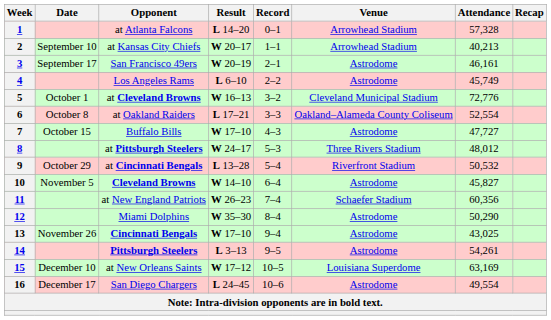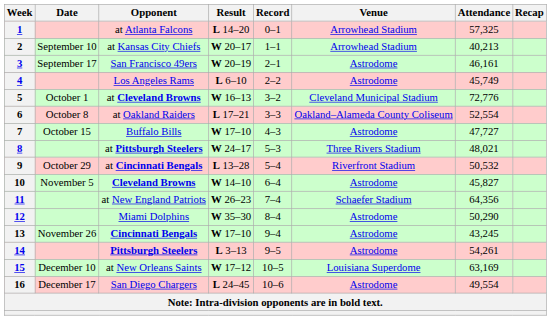 <table class="wikitable" style="text-align:center">
 <tr>
 <th>Week</th>
 <th>Date</th>
 <th>Opponent</th>
 <th>Result</th>
 <th>Record</th>
 <th>Venue</th>
 <th>Attendance</th>
 <th>Recap</th>
 </tr>
 <tr style="background:#fcc">
 <th><a href='#'>1</a></th>
 <td></td>
 <td>at <a href='#'>Atlanta Falcons</a></td>
 <td><strong>L</strong> 14–20</td>
 <td>0–1</td>
 <td><a href='#'>Arrowhead Stadium</a></td>
-<td>57,328</td>
+<td>57,325</td>
 <td></td>
 </tr>
 <tr style="background:#cfc">
 <th>2</th>
 <td>September 10</td>
 <td>at <a href='#'>Kansas City Chiefs</a></td>
 <td><strong>W</strong> 20–17</td>
 <td>1–1</td>
 <td><a href='#'>Arrowhead Stadium</a></td>
 <td>40,213</td>
 <td></td>
 </tr>
 <tr style="background:#cfc">
 <th><a href='#'>3</a></th>
 <td>September 17</td>
 <td><a href='#'>San Francisco 49ers</a></td>
 <td><strong>W</strong> 20–19</td>
 <td>2–1</td>
 <td><a href='#'>Astrodome</a></td>
 <td>46,161</td>
 <td></td>
 </tr>
 <tr style="background:#fcc">
 <th><a href='#'>4</a></th>
 <td></td>
 <td><a href='#'>Los Angeles Rams</a></td>
 <td><strong>L</strong> 6–10</td>
 <td>2–2</td>
 <td><a href='#'>Astrodome</a></td>
 <td>45,749</td>
 <td></td>
 </tr>
 <tr style="background:#cfc">
 <th>5</th>
 <td>October 1</td>
 <td>at <strong><a href='#'>Cleveland Browns</a></strong></td>
 <td><strong>W</strong> 16–13</td>
 <td>3–2</td>
 <td><a href='#'>Cleveland Municipal Stadium</a></td>
 <td>72,776</td>
 <td></td>
 </tr>
 <tr style="background:#fcc">
 <th>6</th>
 <td>October 8</td>
 <td>at <a href='#'>Oakland Raiders</a></td>
 <td><strong>L</strong> 17–21</td>
 <td>3–3</td>
 <td><a href='#'>Oakland–Alameda County Coliseum</a></td>
 <td>52,554</td>
 <td></td>
 </tr>
 <tr style="background:#cfc">
 <th>7</th>
 <td>October 15</td>
 <td><a href='#'>Buffalo Bills</a></td>
 <td><strong>W</strong> 17–10</td>
 <td>4–3</td>
 <td><a href='#'>Astrodome</a></td>
 <td>47,727</td>
 <td></td>
 </tr>
 <tr style="background:#cfc">
 <th><a href='#'>8</a></th>
 <td></td>
 <td>at <strong><a href='#'>Pittsburgh Steelers</a></strong></td>
 <td><strong>W</strong> 24–17</td>
 <td>5–3</td>
 <td><a href='#'>Three Rivers Stadium</a></td>
-<td>48,012</td>
+<td>48,021</td>
 <td></td>
 </tr>
 <tr style="background:#fcc">
 <th>9</th>
 <td>October 29</td>
 <td>at <strong><a href='#'>Cincinnati Bengals</a></strong></td>
 <td><strong>L</strong> 13–28</td>
 <td>5–4</td>
 <td><a href='#'>Riverfront Stadium</a></td>
 <td>50,532</td>
 <td></td>
 </tr>
 <tr style="background:#cfc">
 <th>10</th>
 <td>November 5</td>
 <td><strong><a href='#'>Cleveland Browns</a></strong></td>
 <td><strong>W</strong> 14–10</td>
 <td>6–4</td>
 <td><a href='#'>Astrodome</a></td>
 <td>45,827</td>
 <td></td>
 </tr>
 <tr style="background:#cfc">
 <th><a href='#'>11</a></th>
 <td></td>
 <td>at <a href='#'>New England Patriots</a></td>
 <td><strong>W</strong> 26–23</td>
 <td>7–4</td>
 <td><a href='#'>Schaefer Stadium</a></td>
-<td>60,356</td>
+<td>64,356</td>
 <td></td>
 </tr>
 <tr style="background:#cfc">
 <th><a href='#'>12</a></th>
 <td></td>
 <td><a href='#'>Miami Dolphins</a></td>
 <td><strong>W</strong> 35–30</td>
 <td>8–4</td>
 <td><a href='#'>Astrodome</a></td>
 <td>50,290</td>
 <td></td>
 </tr>
 <tr style="background:#cfc">
 <th>13</th>
 <td>November 26</td>
 <td><strong><a href='#'>Cincinnati Bengals</a></strong></td>
 <td><strong>W</strong> 17–10</td>
 <td>9–4</td>
 <td><a href='#'>Astrodome</a></td>
-<td>43,025</td>
+<td>43,245</td>
 <td></td>
 </tr>
 <tr style="background:#fcc">
 <th><a href='#'>14</a></th>
 <td></td>
 <td><strong><a href='#'>Pittsburgh Steelers</a></strong></td>
 <td><strong>L</strong>  3–13</td>
 <td>9–5</td>
 <td><a href='#'>Astrodome</a></td>
 <td>54,261</td>
 <td></td>
 </tr>
 <tr style="background:#cfc">
 <th><a href='#'>15</a></th>
 <td>December 10</td>
 <td>at <a href='#'>New Orleans Saints</a></td>
 <td><strong>W</strong> 17–12</td>
 <td>10–5</td>
 <td><a href='#'>Louisiana Superdome</a></td>
 <td>63,169</td>
 <td></td>
 </tr>
 <tr style="background:#fcc">
 <th>16</th>
 <td>December 17</td>
 <td><a href='#'>San Diego Chargers</a></td>
 <td><strong>L</strong> 24–45</td>
 <td>10–6</td>
 <td><a href='#'>Astrodome</a></td>
 <td>49,554</td>
 <td></td>
 </tr>
 <tr>
 <th colspan="8"><strong>Note:</strong> Intra-division opponents are in <strong>bold</strong> text.</th>
 </tr>
 <tr>
 <th colspan="8"></th>
 </tr>
 </table>
